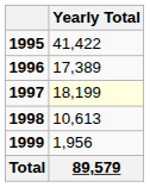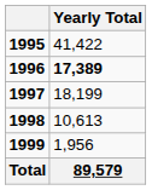 <table class="wikitable">
 <tr>
 <th></th>
 <th>Yearly Total</th>
 </tr>
 <tr>
 <td><strong>1995</strong></td>
 <td>41,422</td>
 </tr>
 <tr>
 <td><strong>1996</strong></td>
-<td>17,389</td>
+<td><strong>17,389</strong></td>
 </tr>
 <tr>
 <td><strong>1997</strong></td>
-<td style="background: lightyellow;">18,199</td>
+<td>18,199</td>
 </tr>
 <tr>
 <td><strong>1998</strong></td>
 <td>10,613</td>
 </tr>
 <tr>
 <td><strong>1999</strong></td>
 <td>1,956</td>
 </tr>
 <tr>
 <th><strong>Total</strong></th>
 <th><strong><u>89,579</u></strong></th>
 </tr>
 </table>
